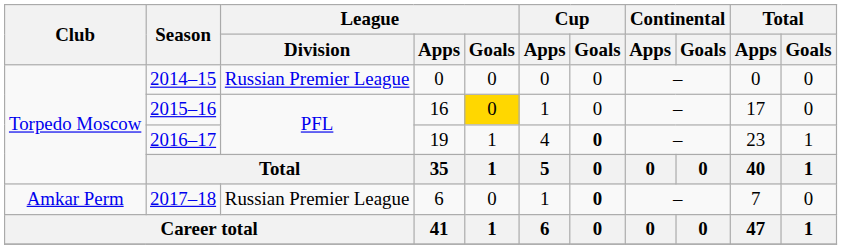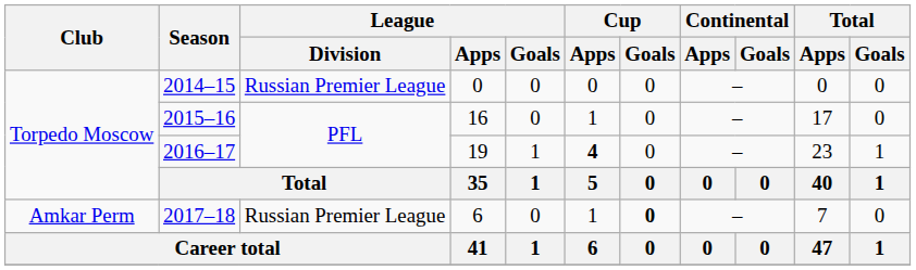 <table class="wikitable" style="text-align: center;">
 <tr>
 <th rowspan=2>Club</th>
 <th rowspan=2>Season</th>
 <th colspan=3>League</th>
 <th colspan=2>Cup</th>
 <th colspan=2>Continental</th>
 <th colspan=2>Total</th>
 </tr>
 <tr>
 <th>Division</th>
 <th>Apps</th>
 <th>Goals</th>
 <th>Apps</th>
 <th>Goals</th>
 <th>Apps</th>
 <th>Goals</th>
 <th>Apps</th>
 <th>Goals</th>
 </tr>
 <tr>
 <td rowspan=4><a href='#'>Torpedo Moscow</a></td>
 <td><a href='#'>2014–15</a></td>
 <td><a href='#'>Russian Premier League</a></td>
 <td>0</td>
 <td>0</td>
 <td>0</td>
 <td>0</td>
 <td colspan=2>–</td>
 <td>0</td>
 <td>0</td>
 </tr>
 <tr>
 <td><a href='#'>2015–16</a></td>
 <td rowspan=2><a href='#'>PFL</a></td>
 <td>16</td>
-<td style="background: gold;">0</td>
+<td>0</td>
 <td>1</td>
 <td>0</td>
 <td colspan=2>–</td>
 <td>17</td>
 <td>0</td>
 </tr>
 <tr>
 <td><a href='#'>2016–17</a></td>
 <td>19</td>
 <td>1</td>
-<td>4</td>
-<td><strong>0</strong></td>
+<td><strong>4</strong></td>
+<td>0</td>
 <td colspan=2>–</td>
 <td>23</td>
 <td>1</td>
 </tr>
 <tr>
 <th colspan=2>Total</th>
 <th>35</th>
 <th>1</th>
 <th>5</th>
 <th>0</th>
 <th>0</th>
 <th>0</th>
 <th>40</th>
 <th>1</th>
 </tr>
 <tr>
 <td><a href='#'>Amkar Perm</a></td>
 <td><a href='#'>2017–18</a></td>
 <td>Russian Premier League</td>
 <td>6</td>
 <td>0</td>
 <td>1</td>
 <td><strong>0</strong></td>
 <td colspan=2>–</td>
 <td>7</td>
 <td>0</td>
 </tr>
 <tr>
 <th colspan=3>Career total</th>
 <th>41</th>
 <th>1</th>
 <th>6</th>
 <th>0</th>
 <th>0</th>
 <th>0</th>
 <th>47</th>
 <th>1</th>
 </tr>
 <tr>
 </tr>
 </table>
